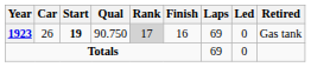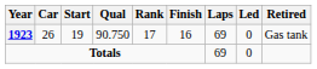 <table class="wikitable" style="text-align:center">
 <tr>
 <th>Year</th>
 <th>Car</th>
 <th>Start</th>
 <th>Qual</th>
 <th>Rank</th>
 <th>Finish</th>
 <th>Laps</th>
 <th>Led</th>
 <th>Retired</th>
 </tr>
 <tr>
 <th><a href='#'>1923</a></th>
 <td>26</td>
-<td><strong>19</strong></td>
+<td>19</td>
 <td>90.750</td>
-<td style="background: lightgrey;">17</td>
+<td>17</td>
 <td>16</td>
 <td>69</td>
 <td>0</td>
 <td>Gas tank</td>
 </tr>
 <tr>
 <td colspan=6><strong>Totals</strong></td>
 <td>69</td>
 <td>0</td>
 <td></td>
 </tr>
 </table>
